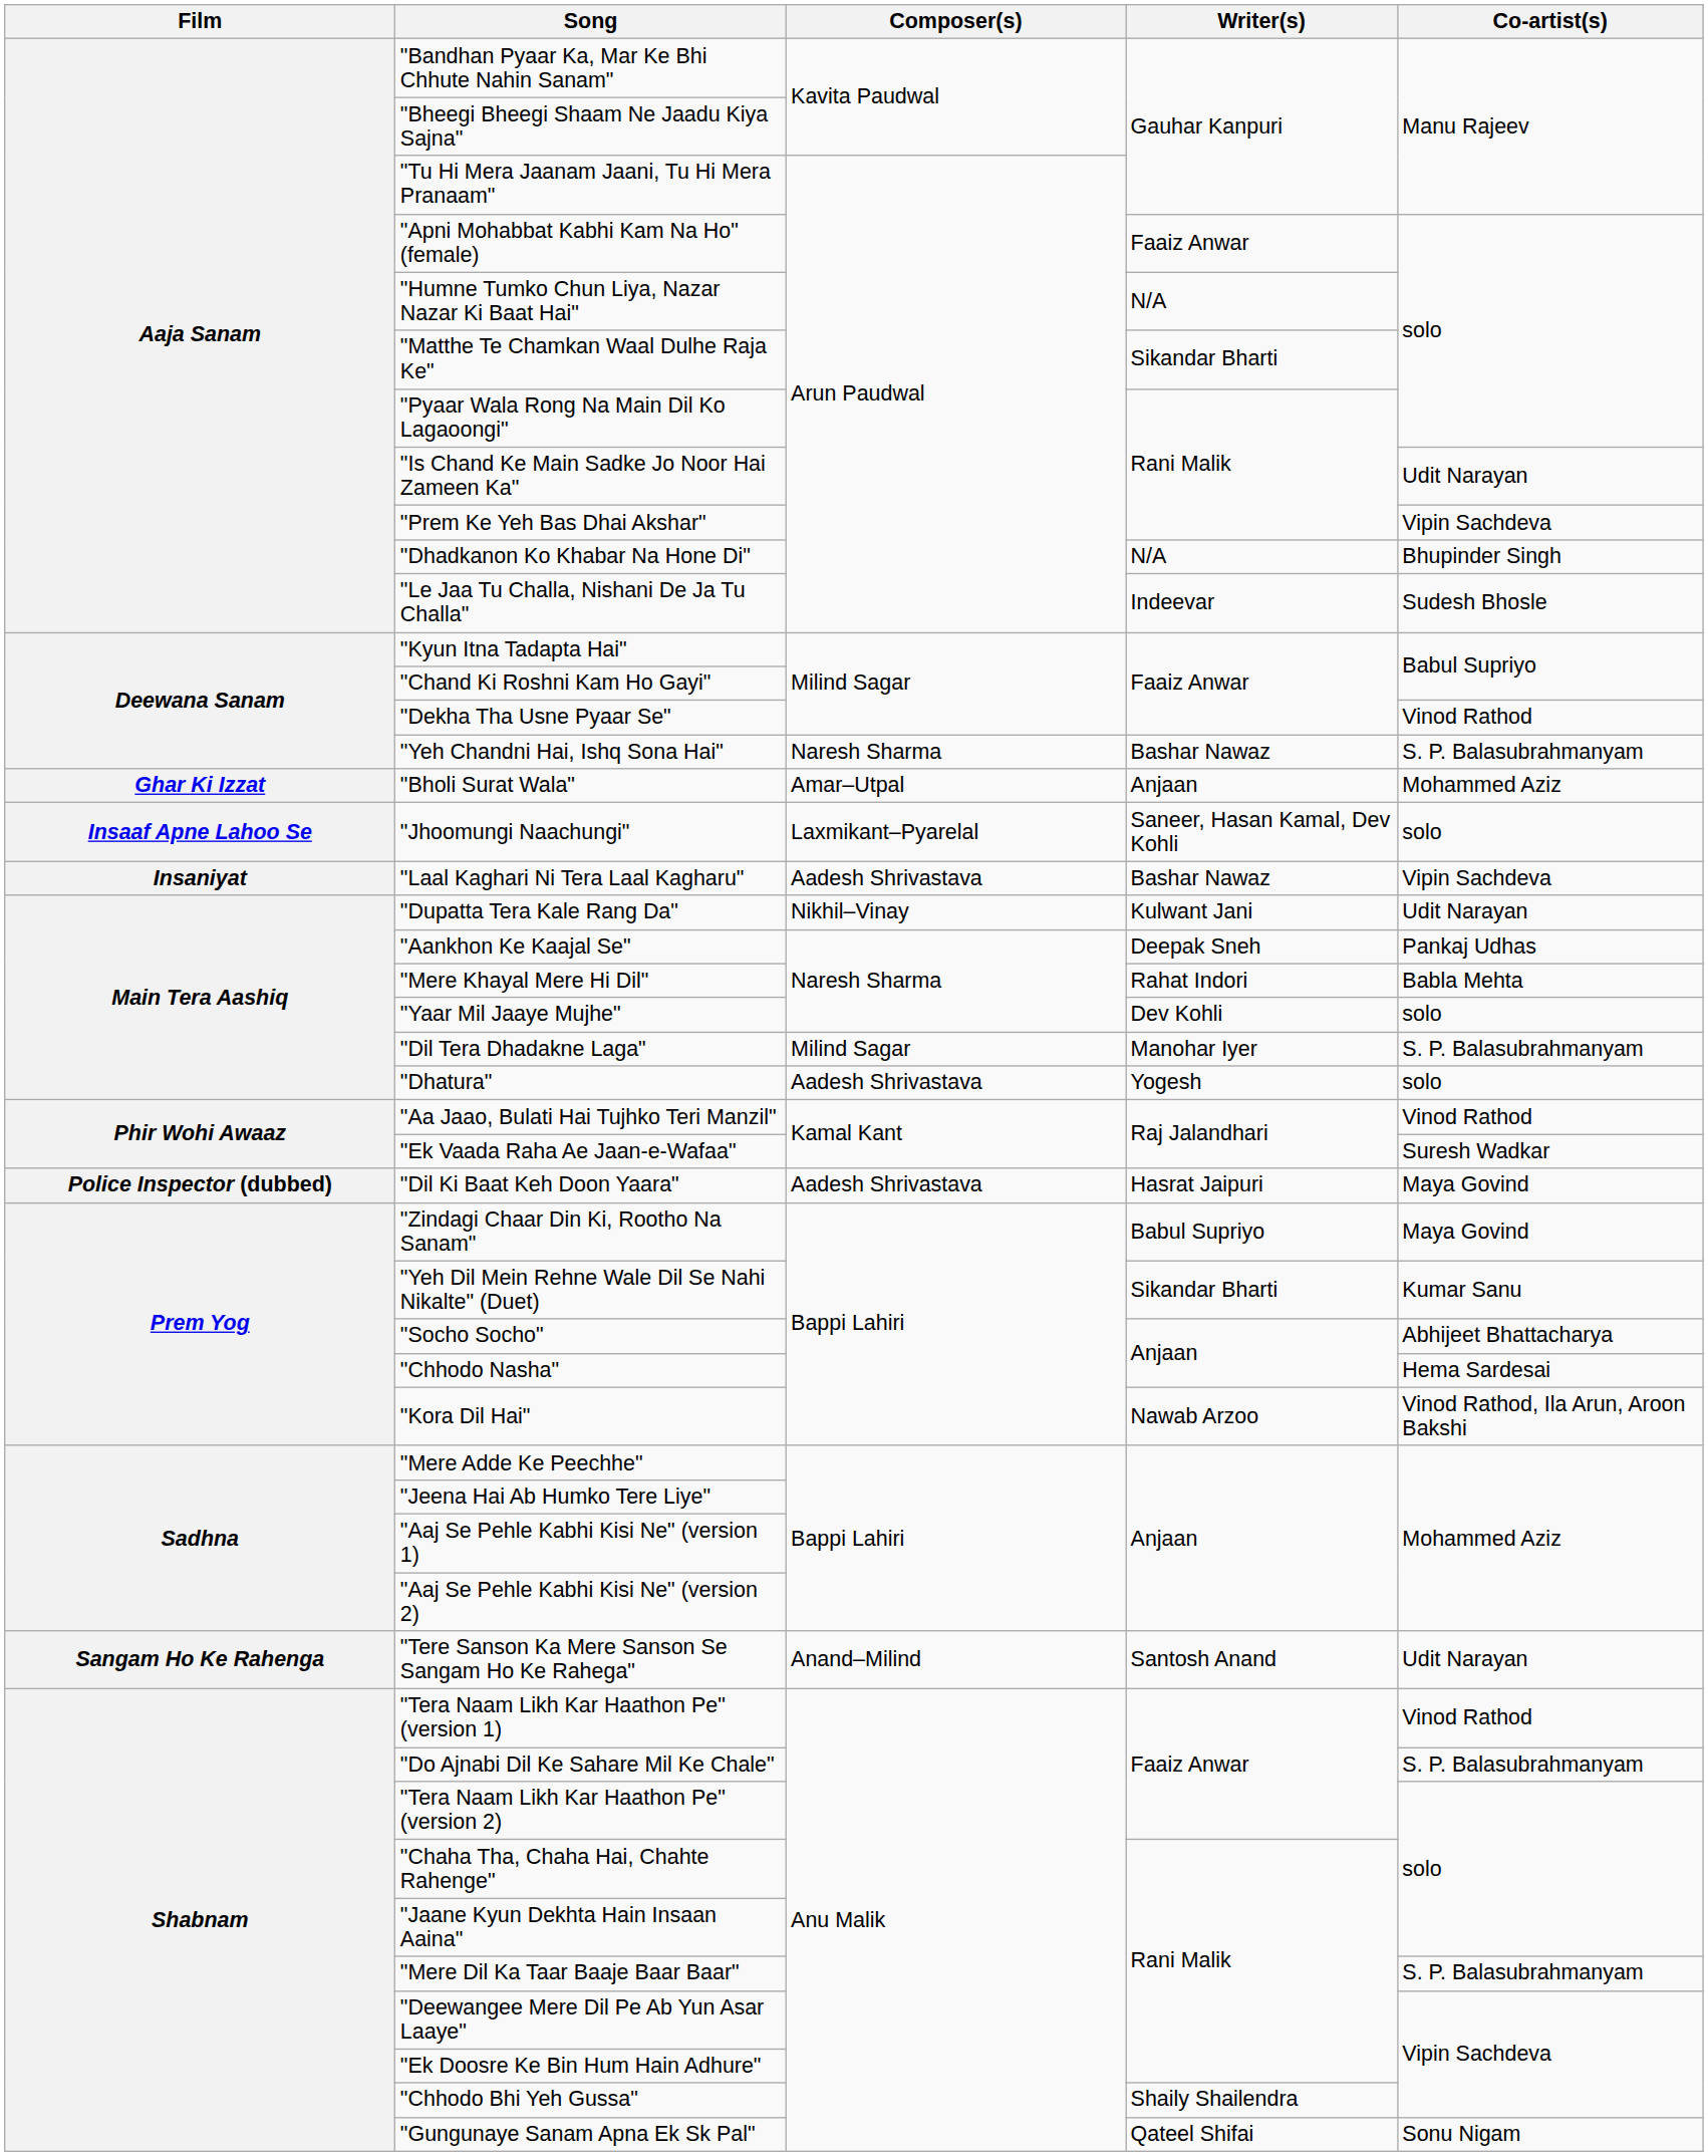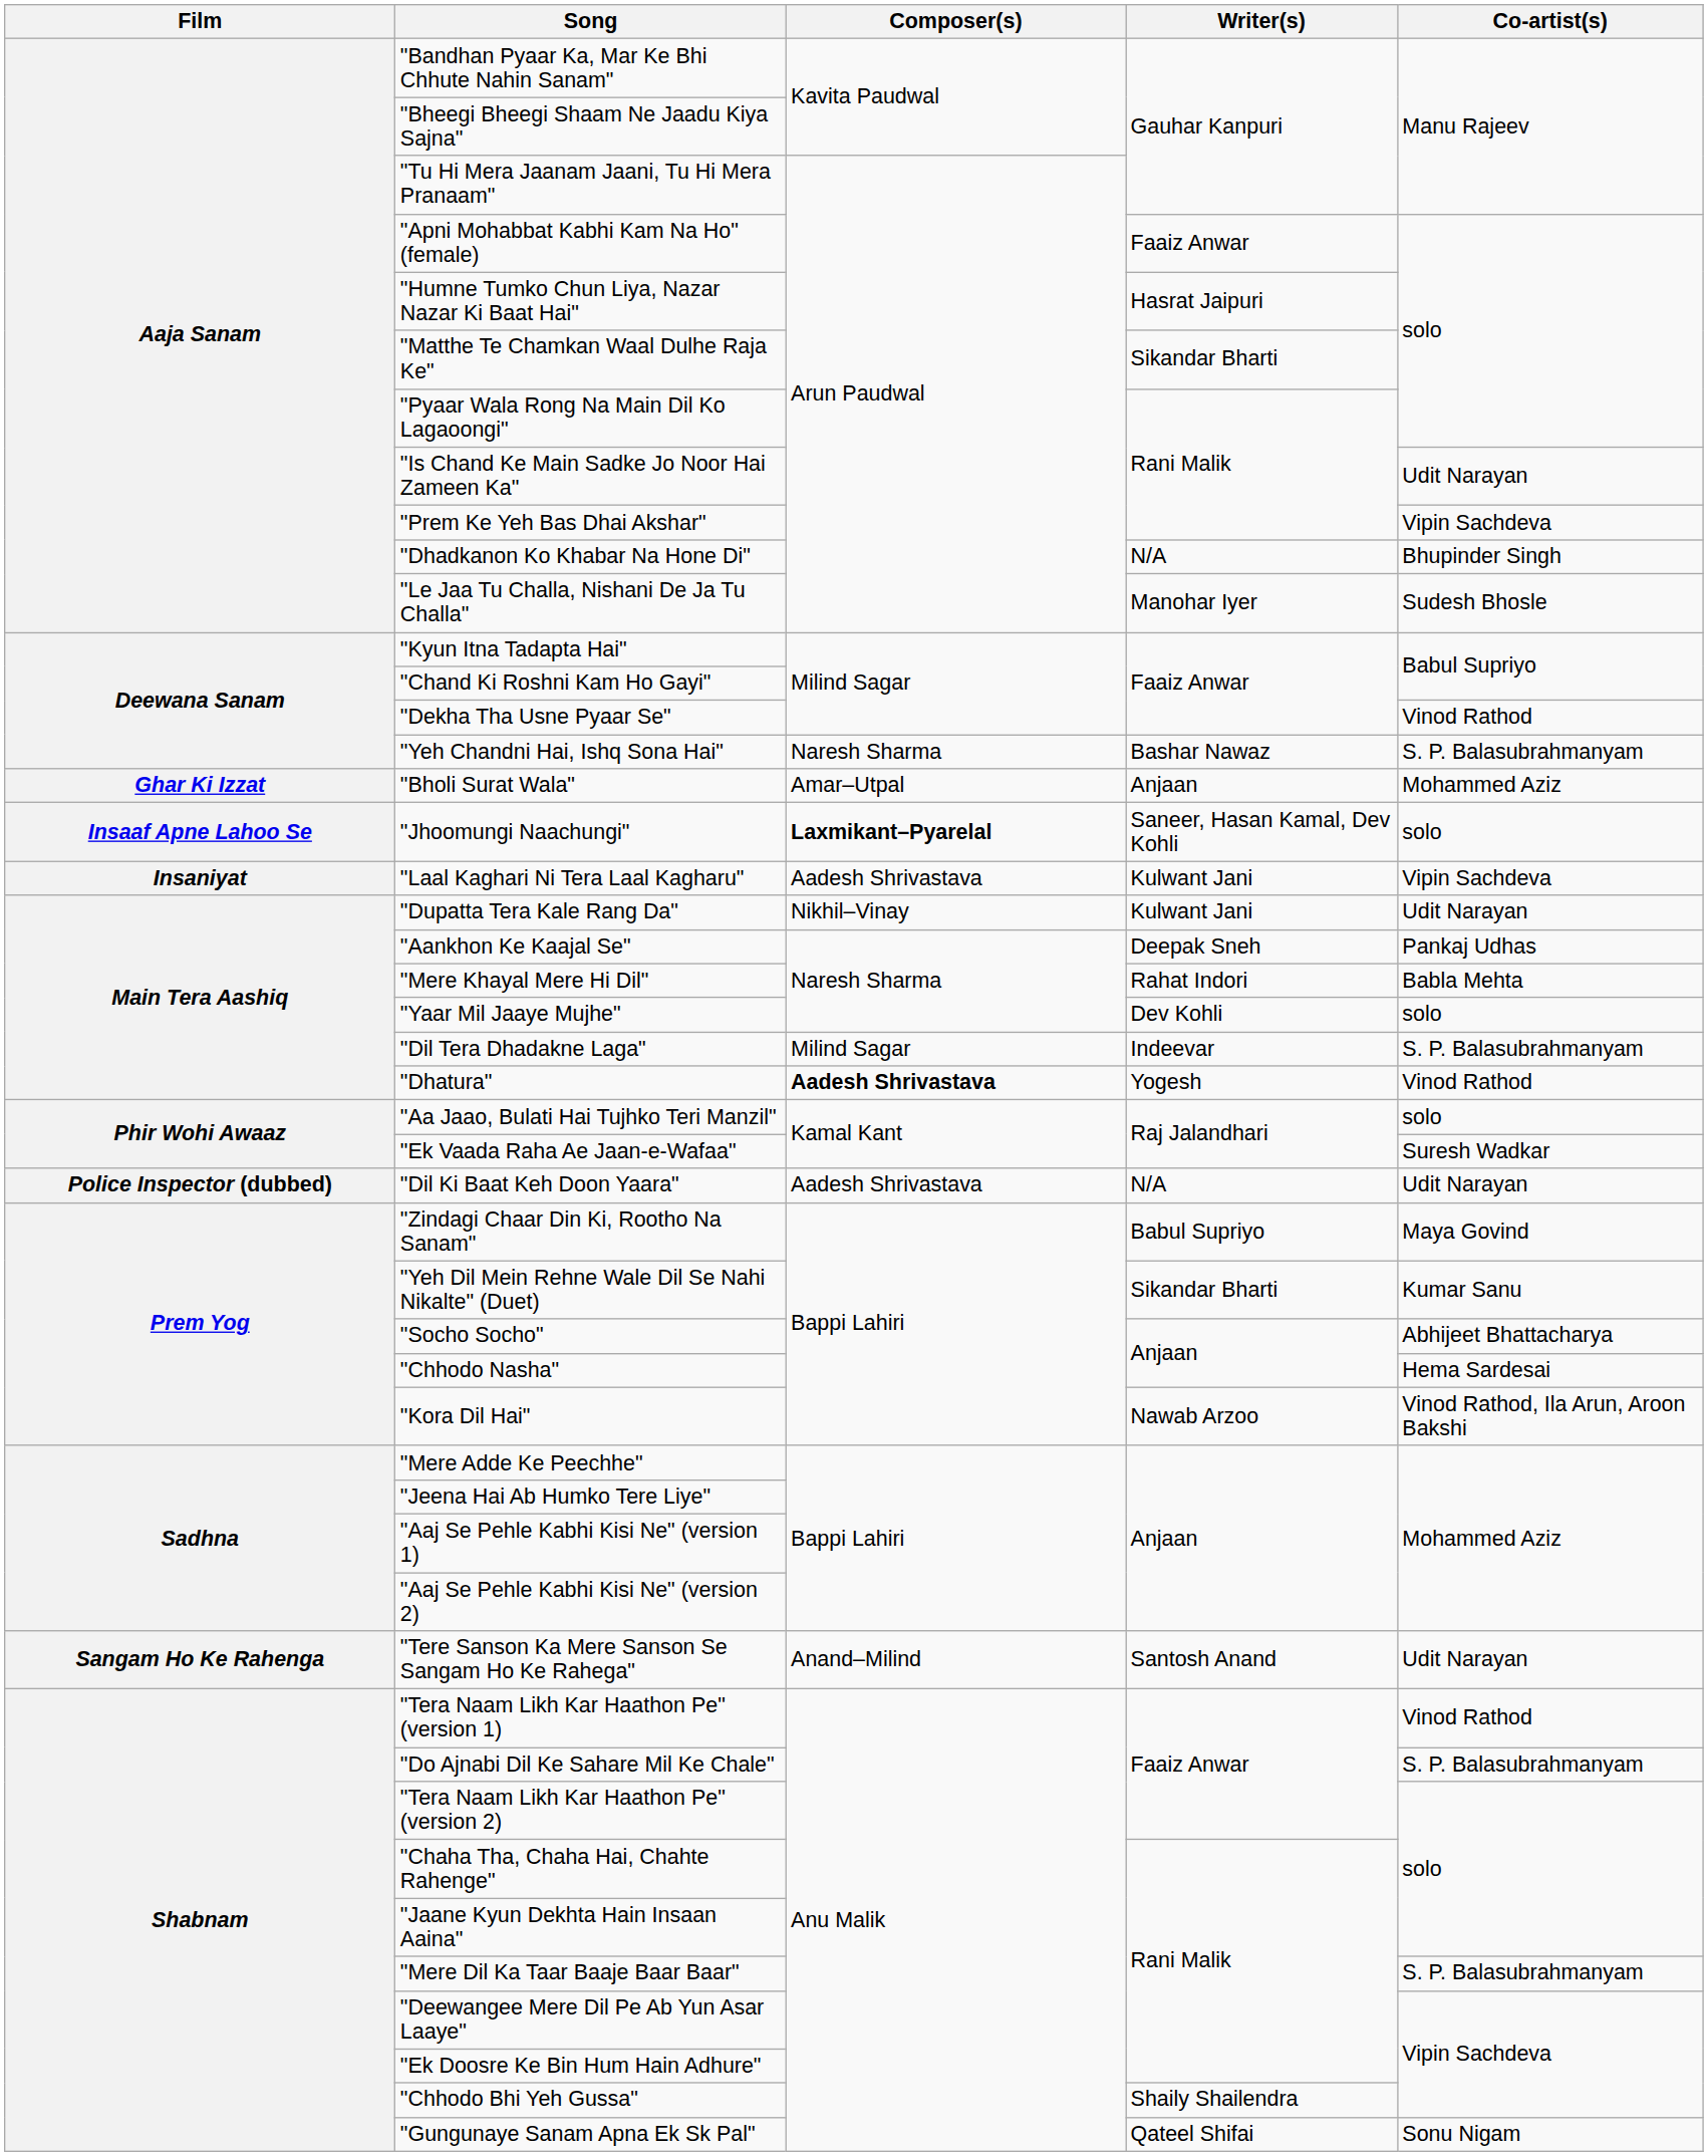 <table class="wikitable plainrowheaders" style="width:100%; textcolor:#000">
 <tr style="background:#b0e0e66;">
 <th scope="col" style="width:23%;"><strong>Film</strong></th>
 <th scope="col" style="width:23%;"><strong>Song</strong></th>
 <th scope="col" style="width:20%;"><strong>Composer(s)</strong></th>
 <th scope="col" style="width:16%;"><strong>Writer(s)</strong></th>
 <th scope="col" style="width:18%;"><strong>Co-artist(s)</strong></th>
 </tr>
 <tr>
 <th rowspan=11><em>Aaja Sanam</em></th>
 <td>"Bandhan Pyaar Ka, Mar Ke Bhi Chhute Nahin Sanam"</td>
 <td rowspan=2>Kavita Paudwal</td>
 <td rowspan=3>Gauhar Kanpuri</td>
 <td rowspan=3>Manu Rajeev</td>
 </tr>
 <tr>
 <td>"Bheegi Bheegi Shaam Ne Jaadu Kiya Sajna"</td>
 </tr>
 <tr>
 <td>"Tu Hi Mera Jaanam Jaani, Tu Hi Mera Pranaam"</td>
 <td rowspan=9>Arun Paudwal</td>
 </tr>
 <tr>
 <td>"Apni Mohabbat Kabhi Kam Na Ho" (female)</td>
 <td>Faaiz Anwar</td>
 <td rowspan=4>solo</td>
 </tr>
 <tr>
 <td>"Humne Tumko Chun Liya, Nazar Nazar Ki Baat Hai"</td>
-<td>N/A</td>
+<td>Hasrat Jaipuri</td>
 </tr>
 <tr>
 <td>"Matthe Te Chamkan Waal Dulhe Raja Ke"</td>
 <td>Sikandar Bharti</td>
 </tr>
 <tr>
 <td>"Pyaar Wala Rong Na Main Dil Ko Lagaoongi"</td>
 <td Rowspan=3>Rani Malik</td>
 </tr>
 <tr>
 <td>"Is Chand Ke Main Sadke Jo Noor Hai Zameen Ka"</td>
 <td>Udit Narayan</td>
 </tr>
 <tr>
 <td>"Prem Ke Yeh Bas Dhai Akshar"</td>
 <td>Vipin Sachdeva</td>
 </tr>
 <tr>
 <td>"Dhadkanon Ko Khabar Na Hone Di"</td>
 <td>N/A</td>
 <td>Bhupinder Singh</td>
 </tr>
 <tr>
 <td>"Le Jaa Tu Challa, Nishani De Ja Tu Challa"</td>
-<td>Indeevar</td>
+<td>Manohar Iyer</td>
 <td>Sudesh Bhosle</td>
 </tr>
 <tr>
 <th rowspan=4><em>Deewana Sanam</em></th>
 <td>"Kyun Itna Tadapta Hai"</td>
 <td Rowspan=3>Milind Sagar</td>
 <td rowspan=3>Faaiz Anwar</td>
 <td rowspan=2>Babul Supriyo</td>
 </tr>
 <tr>
 <td>"Chand Ki Roshni Kam Ho Gayi"</td>
 </tr>
 <tr>
 <td>"Dekha Tha Usne Pyaar Se"</td>
 <td>Vinod Rathod</td>
 </tr>
 <tr>
 <td>"Yeh Chandni Hai, Ishq Sona Hai"</td>
 <td>Naresh Sharma</td>
 <td>Bashar Nawaz</td>
 <td>S. P. Balasubrahmanyam</td>
 </tr>
 <tr>
 <th><em><a href='#'>Ghar Ki Izzat</a></em></th>
 <td>"Bholi Surat Wala"</td>
 <td>Amar–Utpal</td>
 <td>Anjaan</td>
 <td>Mohammed Aziz</td>
 </tr>
 <tr>
 <th><em><a href='#'>Insaaf Apne Lahoo Se</a></em></th>
 <td>"Jhoomungi Naachungi"</td>
-<td>Laxmikant–Pyarelal</td>
+<td><strong>Laxmikant–Pyarelal</strong></td>
 <td>Saneer, Hasan Kamal, Dev Kohli</td>
 <td>solo</td>
 </tr>
 <tr>
 <th><em>Insaniyat</em></th>
 <td>"Laal Kaghari Ni Tera Laal Kagharu"</td>
 <td>Aadesh Shrivastava</td>
-<td>Bashar Nawaz</td>
+<td>Kulwant Jani</td>
 <td>Vipin Sachdeva</td>
 </tr>
 <tr>
 <th Rowspan=6><em>Main Tera Aashiq</em></th>
 <td>"Dupatta Tera Kale Rang Da"</td>
 <td>Nikhil–Vinay</td>
 <td>Kulwant Jani</td>
 <td>Udit Narayan</td>
 </tr>
 <tr>
 <td>"Aankhon Ke Kaajal Se"</td>
 <td rowspan=3>Naresh Sharma</td>
 <td>Deepak Sneh</td>
 <td>Pankaj Udhas</td>
 </tr>
 <tr>
 <td>"Mere Khayal Mere Hi Dil"</td>
 <td>Rahat Indori</td>
 <td>Babla Mehta</td>
 </tr>
 <tr>
 <td>"Yaar Mil Jaaye Mujhe"</td>
 <td>Dev Kohli</td>
 <td>solo</td>
 </tr>
 <tr>
 <td>"Dil Tera Dhadakne Laga"</td>
 <td>Milind Sagar</td>
-<td>Manohar Iyer</td>
+<td>Indeevar</td>
 <td>S. P. Balasubrahmanyam</td>
 </tr>
 <tr>
 <td>"Dhatura"</td>
-<td>Aadesh Shrivastava</td>
+<td><strong>Aadesh Shrivastava</strong></td>
 <td>Yogesh</td>
-<td>solo</td>
+<td>Vinod Rathod</td>
 </tr>
 <tr>
 <th rowspan=2><em>Phir Wohi Awaaz</em></th>
 <td>"Aa Jaao, Bulati Hai Tujhko Teri Manzil"</td>
 <td rowspan=2>Kamal Kant</td>
 <td Rowspan=2>Raj Jalandhari</td>
-<td>Vinod Rathod</td>
+<td>solo</td>
 </tr>
 <tr>
 <td>"Ek Vaada Raha Ae Jaan-e-Wafaa"</td>
 <td>Suresh Wadkar</td>
 </tr>
 <tr>
 <th><em>Police Inspector</em> (dubbed)</th>
 <td>"Dil Ki Baat Keh Doon Yaara"</td>
 <td>Aadesh Shrivastava</td>
-<td>Hasrat Jaipuri</td>
-<td>Maya Govind</td>
+<td>N/A</td>
+<td>Udit Narayan</td>
 </tr>
 <tr>
 <th Rowspan=5><em><a href='#'>Prem Yog</a></em></th>
 <td>"Zindagi Chaar Din Ki, Rootho Na Sanam"</td>
 <td rowspan=5>Bappi Lahiri</td>
 <td>Babul Supriyo</td>
 <td>Maya Govind</td>
 </tr>
 <tr>
 <td>"Yeh Dil Mein Rehne Wale Dil Se Nahi Nikalte" (Duet)</td>
 <td>Sikandar Bharti</td>
 <td>Kumar Sanu</td>
 </tr>
 <tr>
 <td>"Socho Socho"</td>
 <td rowspan=2>Anjaan</td>
 <td>Abhijeet Bhattacharya</td>
 </tr>
 <tr>
 <td>"Chhodo Nasha"</td>
 <td>Hema Sardesai</td>
 </tr>
 <tr>
 <td>"Kora Dil Hai"</td>
 <td>Nawab Arzoo</td>
 <td>Vinod Rathod, Ila Arun, Aroon Bakshi</td>
 </tr>
 <tr>
 <th Rowspan=4><em>Sadhna</em></th>
 <td>"Mere Adde Ke Peechhe"</td>
 <td rowspan=4>Bappi Lahiri</td>
 <td rowspan=4>Anjaan</td>
 <td rowspan=4>Mohammed Aziz</td>
 </tr>
 <tr>
 <td>"Jeena Hai Ab Humko Tere Liye"</td>
 </tr>
 <tr>
 <td>"Aaj Se Pehle Kabhi Kisi Ne" (version 1)</td>
 </tr>
 <tr>
 <td>"Aaj Se Pehle Kabhi Kisi Ne" (version 2)</td>
 </tr>
 <tr>
 <th><em>Sangam Ho Ke Rahenga</em></th>
 <td>"Tere Sanson Ka Mere Sanson Se Sangam Ho Ke Rahega"</td>
 <td>Anand–Milind</td>
 <td>Santosh Anand</td>
 <td>Udit Narayan</td>
 </tr>
 <tr>
 <th Rowspan=10><em>Shabnam</em></th>
 <td>"Tera Naam Likh Kar Haathon Pe" (version 1)</td>
 <td rowspan=10>Anu Malik</td>
 <td Rowspan=3>Faaiz Anwar</td>
 <td>Vinod Rathod</td>
 </tr>
 <tr>
 <td>"Do Ajnabi Dil Ke Sahare Mil Ke Chale"</td>
 <td>S. P. Balasubrahmanyam</td>
 </tr>
 <tr>
 <td>"Tera Naam Likh Kar Haathon Pe" (version 2)</td>
 <td rowspan=3>solo</td>
 </tr>
 <tr>
 <td>"Chaha Tha, Chaha Hai, Chahte Rahenge"</td>
 <td rowspan=5>Rani Malik</td>
 </tr>
 <tr>
 <td>"Jaane Kyun Dekhta Hain Insaan Aaina"</td>
 </tr>
 <tr>
 <td>"Mere Dil Ka Taar Baaje Baar Baar"</td>
 <td>S. P. Balasubrahmanyam</td>
 </tr>
 <tr>
 <td>"Deewangee Mere Dil Pe Ab Yun Asar Laaye"</td>
 <td rowspan=3>Vipin Sachdeva</td>
 </tr>
 <tr>
 <td>"Ek Doosre Ke Bin Hum Hain Adhure"</td>
 </tr>
 <tr>
 <td>"Chhodo Bhi Yeh Gussa"</td>
 <td>Shaily Shailendra</td>
 </tr>
 <tr>
 <td>"Gungunaye Sanam Apna Ek Sk Pal"</td>
 <td>Qateel Shifai</td>
 <td>Sonu Nigam</td>
 </tr>
 </table>
